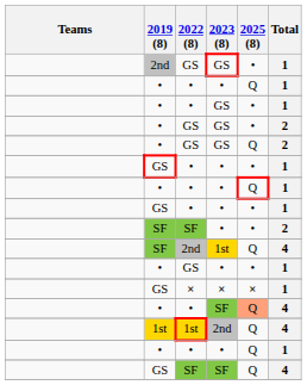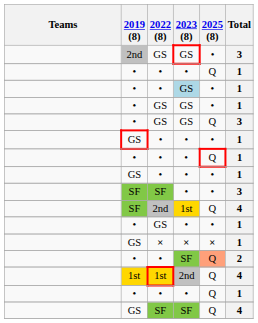 <table class="wikitable" style="text-align:center; font-size:100%;">
 <tr>
 <th style="width:170px;">Teams</th>
 <th><br><a href='#'>2019</a><br>(8)</th>
 <th><br><a href='#'>2022</a><br>(8)</th>
 <th><br><a href='#'>2023</a><br>(8)</th>
 <th><br><a href='#'>2025</a><br>(8)</th>
 <th>Total</th>
 </tr>
 <tr>
 <td style="text-align:left;"></td>
 <td style="background-color:silver;">2nd</td>
 <td>GS</td>
 <td style="border:3px solid red">GS</td>
 <td>•</td>
-<th>1</th>
+<th>3</th>
 </tr>
 <tr>
 </tr>
 <tr>
 <td style="text-align:left;"></td>
 <td>•</td>
 <td>•</td>
 <td>•</td>
 <td>Q</td>
 <th>1</th>
 </tr>
 <tr>
 </tr>
 <tr>
 <td style="text-align:left;"></td>
 <td>•</td>
 <td>•</td>
+<td style="background: lightblue;">GS</td>
+<td>•</td>
+<th>1</th>
+</tr>
+<tr>
+</tr>
+<tr>
+<td style="text-align:left;"></td>
+<td>•</td>
+<td>GS</td>
 <td>GS</td>
 <td>•</td>
 <th>1</th>
 </tr>
 <tr>
 </tr>
 <tr>
 <td style="text-align:left;"></td>
 <td>•</td>
 <td>GS</td>
 <td>GS</td>
-<td>•</td>
-<th>2</th>
-</tr>
-<tr>
-</tr>
-<tr>
-<td style="text-align:left;"></td>
-<td>•</td>
-<td>GS</td>
-<td>GS</td>
 <td>Q</td>
-<th>2</th>
+<th>3</th>
 </tr>
 <tr>
 </tr>
 <tr>
 <td style="text-align:left;"></td>
 <td style="border:3px solid red">GS</td>
 <td>•</td>
 <td>•</td>
 <td>•</td>
 <th>1</th>
 </tr>
 <tr>
 </tr>
 <tr>
 <td style="text-align:left;"></td>
 <td>•</td>
 <td>•</td>
 <td>•</td>
 <td style="border:3px solid red">Q</td>
 <th>1</th>
 </tr>
 <tr>
 </tr>
 <tr>
 <td style="text-align:left;"></td>
 <td>GS</td>
 <td>•</td>
 <td>•</td>
 <td>•</td>
 <th>1</th>
 </tr>
 <tr>
 </tr>
 <tr>
 <td style="text-align:left;"></td>
 <td style="background-color:#81c846;">SF</td>
 <td style="background-color:#81c846;">SF</td>
 <td>•</td>
 <td>•</td>
-<th>2</th>
+<th>3</th>
 </tr>
 <tr>
 </tr>
 <tr>
 <td style="text-align:left;"></td>
 <td style="background-color:#81c846;">SF</td>
 <td style="background-color:silver;">2nd</td>
 <td style="background-color:gold;">1st</td>
 <td>Q</td>
 <th>4</th>
 </tr>
 <tr>
 </tr>
 <tr>
 <td style="text-align:left;"></td>
 <td>•</td>
 <td>GS</td>
 <td>•</td>
 <td>•</td>
 <th>1</th>
 </tr>
 <tr>
 </tr>
 <tr>
 <td style="text-align:left;"></td>
 <td>GS</td>
 <td><strong>×</strong></td>
 <td><strong>×</strong></td>
 <td><strong>×</strong></td>
 <th>1</th>
 </tr>
 <tr>
 </tr>
 <tr>
 <td style="text-align:left;"></td>
 <td>•</td>
 <td>•</td>
 <td style="background-color:#81c846;">SF</td>
 <td style="background: lightsalmon;">Q</td>
-<th>4</th>
+<th>2</th>
 </tr>
 <tr>
 </tr>
 <tr>
 <td style="text-align:left;"></td>
 <td style="background-color:gold;">1st</td>
 <td style="border:3px solid red; background-color:gold;">1st</td>
 <td style="background-color:silver;">2nd</td>
 <td>Q</td>
 <th>4</th>
 </tr>
 <tr>
 </tr>
 <tr>
 <td style="text-align:left;"></td>
 <td>•</td>
 <td>•</td>
 <td>•</td>
 <td>Q</td>
 <th>1</th>
 </tr>
 <tr>
 </tr>
 <tr>
 <td style="text-align:left;"></td>
 <td>GS</td>
 <td style="background-color:#81c846;">SF</td>
 <td style="background-color:#81c846;">SF</td>
 <td>Q</td>
 <th>4</th>
 </tr>
 <tr>
 </tr>
 </table>
